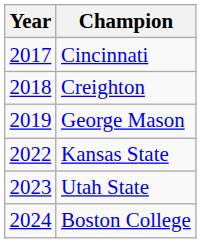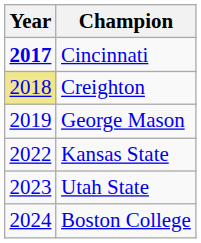 <table class="wikitable">
 <tr>
 <th>Year</th>
 <th>Champion</th>
 </tr>
 <tr>
-<td><a href='#'>2017</a></td>
+<td><strong><a href='#'>2017</a></strong></td>
 <td><a href='#'>Cincinnati</a></td>
 </tr>
 <tr>
-<td><a href='#'>2018</a></td>
+<td style="background: khaki;"><a href='#'>2018</a></td>
 <td><a href='#'>Creighton</a></td>
 </tr>
 <tr>
 <td><a href='#'>2019</a></td>
 <td><a href='#'>George Mason</a></td>
 </tr>
 <tr>
 <td><a href='#'>2022</a></td>
 <td><a href='#'>Kansas State</a></td>
 </tr>
 <tr>
 <td><a href='#'>2023</a></td>
 <td><a href='#'>Utah State</a></td>
 </tr>
 <tr>
 <td><a href='#'>2024</a></td>
 <td><a href='#'>Boston College</a></td>
 </tr>
 </table>
